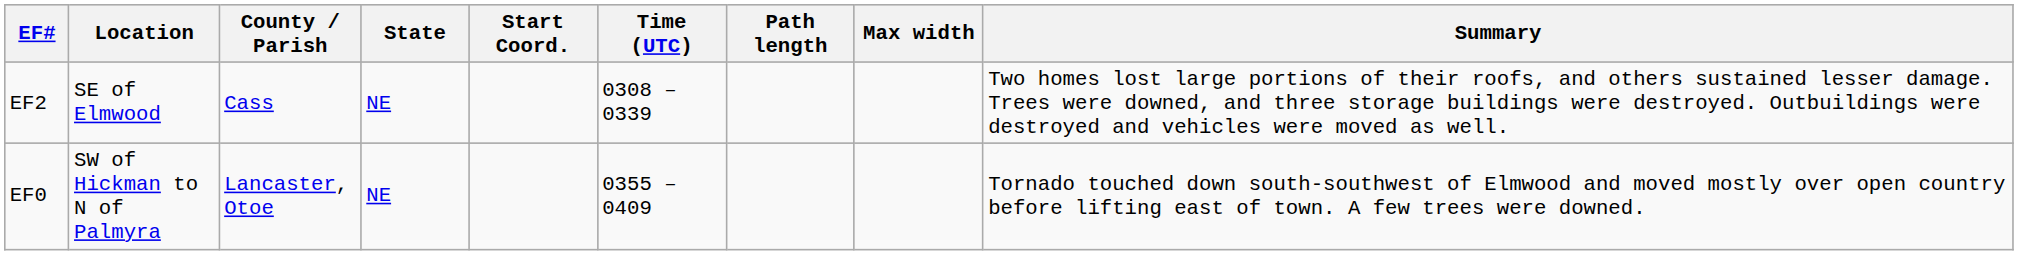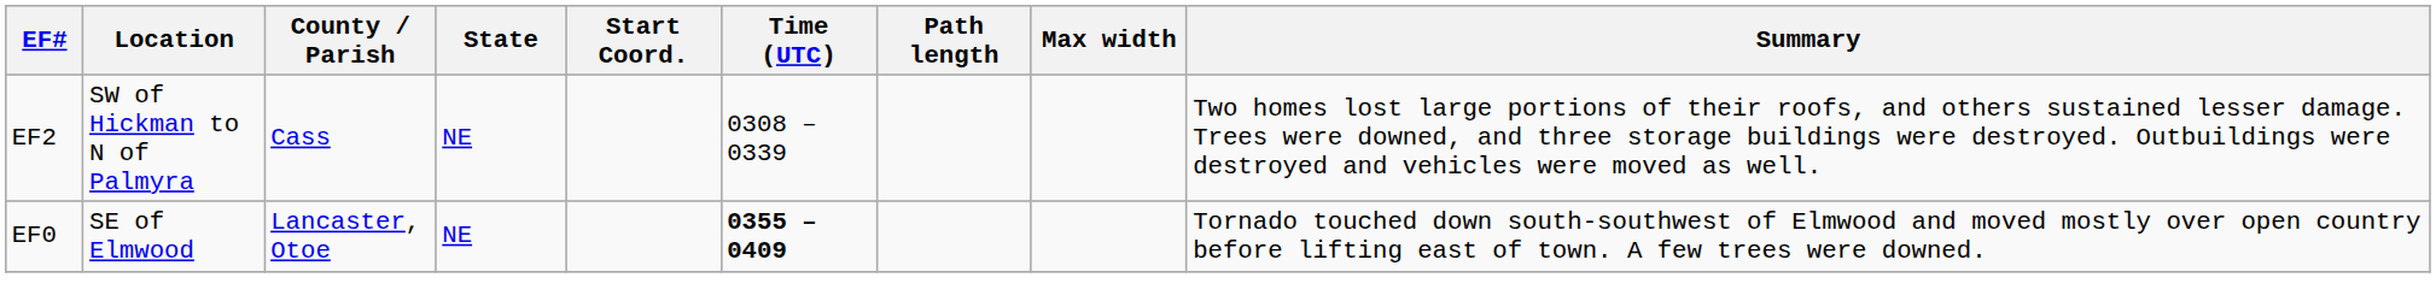 <table class="wikitable sortable" style="width:100%;">
 <tr>
 <th scope="col"  style="width:3%; text-align:center;"><a href='#'>EF#</a></th>
 <th scope="col"  style="width:7%; text-align:center;" class="unsortable">Location</th>
 <th scope="col"  style="width:6%; text-align:center;" class="unsortable">County / Parish</th>
 <th scope="col"  style="width:5%; text-align:center;">State</th>
 <th scope="col"  style="width:6%; text-align:center;">Start Coord.</th>
 <th scope="col"  style="width:6%; text-align:center;">Time (<a href='#'>UTC</a>)</th>
 <th scope="col"  style="width:6%; text-align:center;">Path length</th>
 <th scope="col"  style="width:6%; text-align:center;">Max width</th>
 <th scope="col" class="unsortable" style="width:48%; text-align:center;">Summary</th>
 </tr>
 <tr>
 <td>EF2</td>
-<td>SE of <a href='#'>Elmwood</a></td>
+<td>SW of <a href='#'>Hickman</a> to N of <a href='#'>Palmyra</a></td>
 <td><a href='#'>Cass</a></td>
 <td><a href='#'>NE</a></td>
 <td></td>
 <td>0308 – 0339</td>
 <td></td>
 <td></td>
 <td>Two homes lost large portions of their roofs, and others sustained lesser damage. Trees were downed, and three storage buildings were destroyed. Outbuildings were destroyed and vehicles were moved as well.</td>
 </tr>
 <tr>
 <td>EF0</td>
-<td>SW of <a href='#'>Hickman</a> to N of <a href='#'>Palmyra</a></td>
+<td>SE of <a href='#'>Elmwood</a></td>
 <td><a href='#'>Lancaster</a>, <a href='#'>Otoe</a></td>
 <td><a href='#'>NE</a></td>
 <td></td>
-<td>0355 – 0409</td>
+<td><strong>0355 – 0409</strong></td>
 <td></td>
 <td></td>
 <td>Tornado touched down south-southwest of Elmwood and moved mostly over open country before lifting east of town. A few trees were downed.</td>
 </tr>
 </table>
